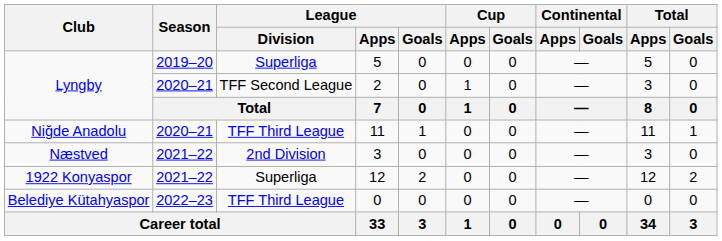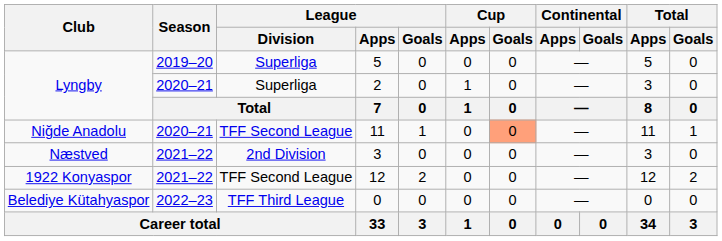 <table class="wikitable" style="text-align: center">
 <tr>
 <th rowspan="2">Club</th>
 <th rowspan="2">Season</th>
 <th colspan="3">League</th>
 <th colspan="2">Cup</th>
 <th colspan="2">Continental</th>
 <th colspan="3">Total</th>
 </tr>
 <tr>
 <th>Division</th>
 <th>Apps</th>
 <th>Goals</th>
 <th>Apps</th>
 <th>Goals</th>
 <th>Apps</th>
 <th>Goals</th>
 <th>Apps</th>
 <th>Goals</th>
 </tr>
 <tr>
 <td rowspan="3"><a href='#'>Lyngby</a></td>
 <td><a href='#'>2019–20</a></td>
 <td><a href='#'>Superliga</a></td>
 <td>5</td>
 <td>0</td>
 <td>0</td>
 <td>0</td>
 <td colspan="2">—</td>
 <td>5</td>
 <td>0</td>
 </tr>
 <tr>
 <td><a href='#'>2020–21</a></td>
-<td>TFF Second League</td>
+<td>Superliga</td>
 <td>2</td>
 <td>0</td>
 <td>1</td>
 <td>0</td>
 <td colspan="2">—</td>
 <td>3</td>
 <td>0</td>
 </tr>
 <tr>
 <th colspan="2">Total</th>
 <th>7</th>
 <th>0</th>
 <th>1</th>
 <th>0</th>
 <th colspan="2">—</th>
 <th>8</th>
 <th>0</th>
 </tr>
 <tr>
 <td><a href='#'>Niğde Anadolu</a></td>
 <td><a href='#'>2020–21</a></td>
-<td><a href='#'>TFF Third League</a></td>
+<td><a href='#'>TFF Second League</a></td>
 <td>11</td>
 <td>1</td>
 <td>0</td>
-<td>0</td>
+<td style="background: lightsalmon;">0</td>
 <td colspan="2">—</td>
 <td>11</td>
 <td>1</td>
 </tr>
 <tr>
 <td><a href='#'>Næstved</a></td>
 <td><a href='#'>2021–22</a></td>
 <td><a href='#'>2nd Division</a></td>
 <td>3</td>
 <td>0</td>
 <td>0</td>
 <td>0</td>
 <td colspan="2">—</td>
 <td>3</td>
 <td>0</td>
 </tr>
 <tr>
 <td><a href='#'>1922 Konyaspor</a></td>
 <td><a href='#'>2021–22</a></td>
-<td>Superliga</td>
+<td>TFF Second League</td>
 <td>12</td>
 <td>2</td>
 <td>0</td>
 <td>0</td>
 <td colspan="2">—</td>
 <td>12</td>
 <td>2</td>
 </tr>
 <tr>
 <td><a href='#'>Belediye Kütahyaspor</a></td>
 <td><a href='#'>2022–23</a></td>
 <td><a href='#'>TFF Third League</a></td>
 <td>0</td>
 <td>0</td>
 <td>0</td>
 <td>0</td>
 <td colspan="2">—</td>
 <td>0</td>
 <td>0</td>
 </tr>
 <tr>
 <th colspan="3">Career total</th>
 <th>33</th>
 <th>3</th>
 <th>1</th>
 <th>0</th>
 <th>0</th>
 <th>0</th>
 <th>34</th>
 <th>3</th>
 </tr>
 </table>
